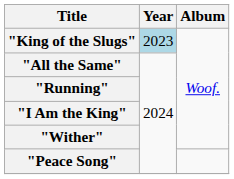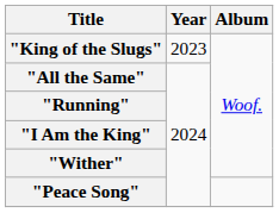 <table class="wikitable plainrowheaders" style="text-align:center;">
 <tr>
 <th scope="col">Title</th>
 <th scope="col">Year</th>
 <th scope="col">Album</th>
 </tr>
 <tr>
 <th scope="row">"King of the Slugs"</th>
-<td style="background: lightblue;">2023</td>
+<td>2023</td>
 <td rowspan="5"><em><a href='#'>Woof.</a></em></td>
 </tr>
 <tr>
 <th scope="row">"All the Same"</th>
 <td rowspan="5">2024</td>
 </tr>
 <tr>
 <th scope="row">"Running"</th>
 </tr>
 <tr>
 <th scope="row">"I Am the King"</th>
 </tr>
 <tr>
 <th scope="row">"Wither"</th>
 </tr>
 <tr>
 <th scope="row">"Peace Song"</th>
 <td></td>
 </tr>
 <tr>
 </tr>
 </table>
